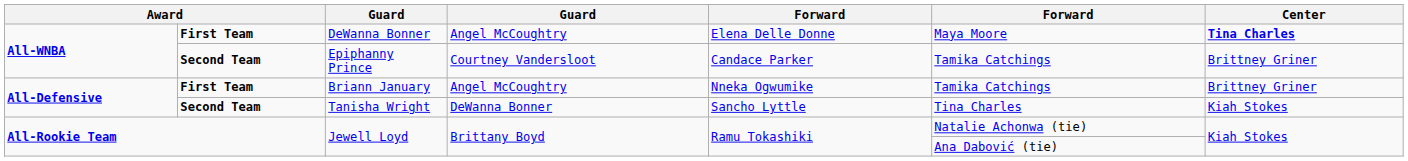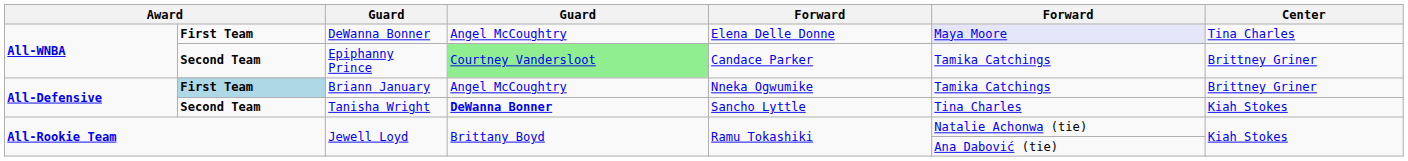 <table class="wikitable" style="width: 95%">
 <tr>
 <th colspan="2">Award</th>
 <th width="125">Guard</th>
 <th>Guard</th>
 <th>Forward</th>
 <th>Forward</th>
 <th>Center</th>
 </tr>
 <tr>
 <td rowspan="2"><strong><a href='#'>All-WNBA</a></strong></td>
 <td><strong>First Team</strong></td>
 <td><a href='#'>DeWanna Bonner</a></td>
 <td><a href='#'>Angel McCoughtry</a></td>
 <td><a href='#'>Elena Delle Donne</a></td>
-<td><a href='#'>Maya Moore</a></td>
-<td><strong><a href='#'>Tina Charles</a></strong></td>
+<td style="background: lavender;"><a href='#'>Maya Moore</a></td>
+<td><a href='#'>Tina Charles</a></td>
 </tr>
 <tr>
 <td><strong>Second Team</strong></td>
 <td><a href='#'>Epiphanny Prince</a></td>
-<td><a href='#'>Courtney Vandersloot</a></td>
+<td style="background: lightgreen;"><a href='#'>Courtney Vandersloot</a></td>
 <td><a href='#'>Candace Parker</a></td>
 <td><a href='#'>Tamika Catchings</a></td>
 <td><a href='#'>Brittney Griner</a></td>
 </tr>
 <tr>
 <td rowspan="2"><strong><a href='#'>All-Defensive</a></strong></td>
-<td><strong>First Team</strong></td>
+<td style="background: lightblue;"><strong>First Team</strong></td>
 <td><a href='#'>Briann January</a></td>
 <td><a href='#'>Angel McCoughtry</a></td>
 <td><a href='#'>Nneka Ogwumike</a></td>
 <td><a href='#'>Tamika Catchings</a></td>
 <td><a href='#'>Brittney Griner</a></td>
 </tr>
 <tr>
 <td><strong>Second Team</strong></td>
 <td><a href='#'>Tanisha Wright</a></td>
-<td><a href='#'>DeWanna Bonner</a></td>
+<td><strong><a href='#'>DeWanna Bonner</a></strong></td>
 <td><a href='#'>Sancho Lyttle</a></td>
 <td><a href='#'>Tina Charles</a></td>
 <td><a href='#'>Kiah Stokes</a></td>
 </tr>
 <tr>
 <td colspan="2" rowspan="2"><strong><a href='#'>All-Rookie Team</a></strong></td>
 <td rowspan=2><a href='#'>Jewell Loyd</a></td>
 <td rowspan=2><a href='#'>Brittany Boyd</a></td>
 <td rowspan=2><a href='#'>Ramu Tokashiki</a></td>
 <td><a href='#'>Natalie Achonwa</a> (tie)</td>
 <td rowspan=2><a href='#'>Kiah Stokes</a></td>
 </tr>
 <tr>
 <td><a href='#'>Ana Dabović</a> (tie)</td>
 </tr>
 </table>
